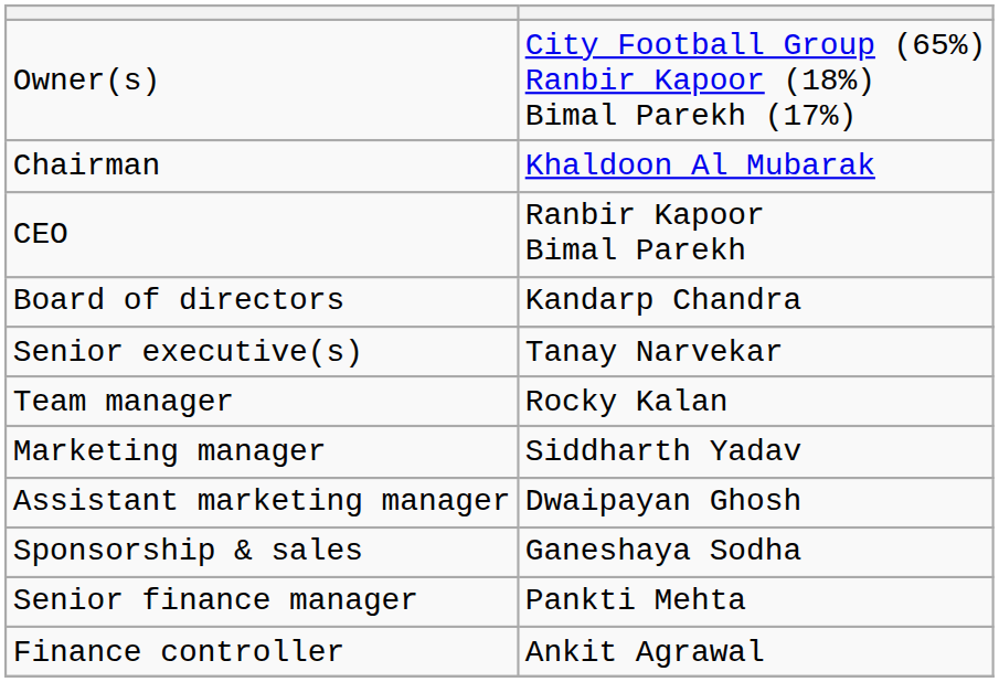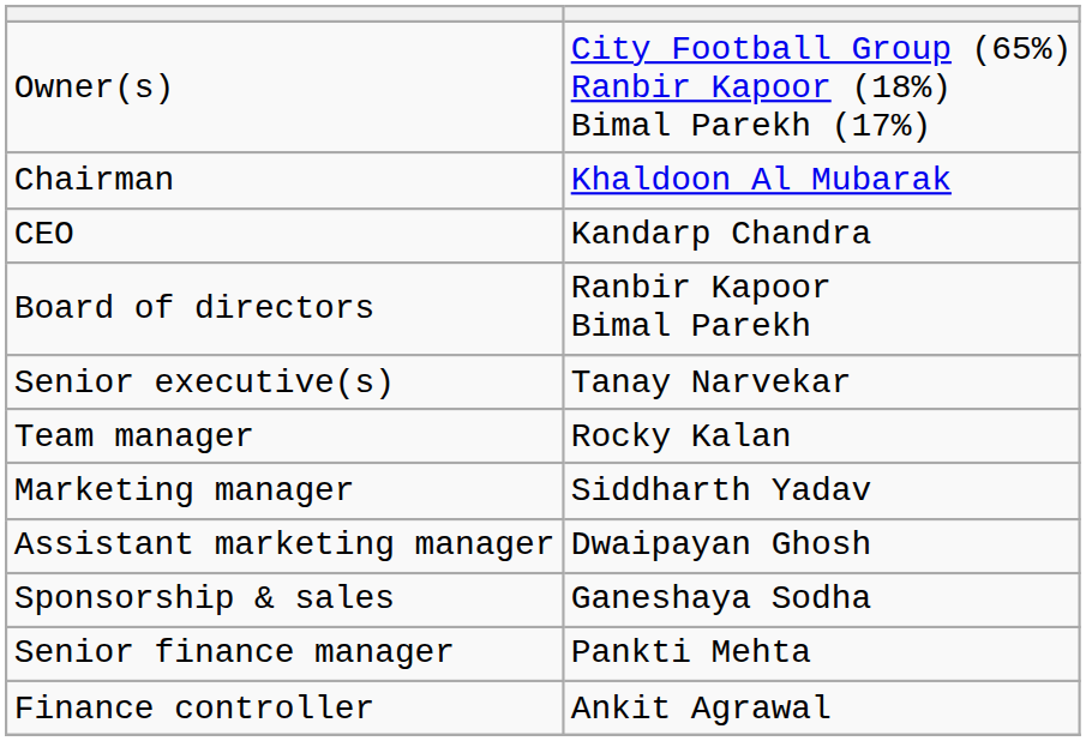 <table class="wikitable plainrowheaders sortable" style="text-align:left">
 <tr>
 <th></th>
 <th></th>
 </tr>
 <tr>
 <td>Owner(s)</td>
 <td> <a href='#'>City Football Group</a> (65%)<br> <a href='#'>Ranbir Kapoor</a> (18%)<br> Bimal Parekh (17%)</td>
 </tr>
 <tr>
 <td>Chairman</td>
 <td> <a href='#'>Khaldoon Al Mubarak</a></td>
 </tr>
 <tr>
 <td>CEO</td>
-<td> Ranbir Kapoor <br>  Bimal Parekh</td>
+<td> Kandarp Chandra</td>
 </tr>
 <tr>
 <td>Board of directors</td>
-<td> Kandarp Chandra</td>
+<td> Ranbir Kapoor <br>  Bimal Parekh</td>
 </tr>
 <tr>
 <td rowspan="2">Senior executive(s)</td>
 </tr>
 <tr>
 <td> Tanay Narvekar</td>
 </tr>
 <tr>
 <td>Team manager</td>
 <td> Rocky Kalan</td>
 </tr>
 <tr>
 <td>Marketing manager</td>
 <td> Siddharth Yadav</td>
 </tr>
 <tr>
 <td>Assistant marketing manager</td>
 <td> Dwaipayan Ghosh</td>
 </tr>
 <tr>
 <td>Sponsorship & sales</td>
 <td> Ganeshaya Sodha</td>
 </tr>
 <tr>
 <td>Senior finance manager</td>
 <td> Pankti Mehta</td>
 </tr>
 <tr>
 <td>Finance controller</td>
 <td> Ankit Agrawal</td>
 </tr>
 <tr>
 </tr>
 </table>
